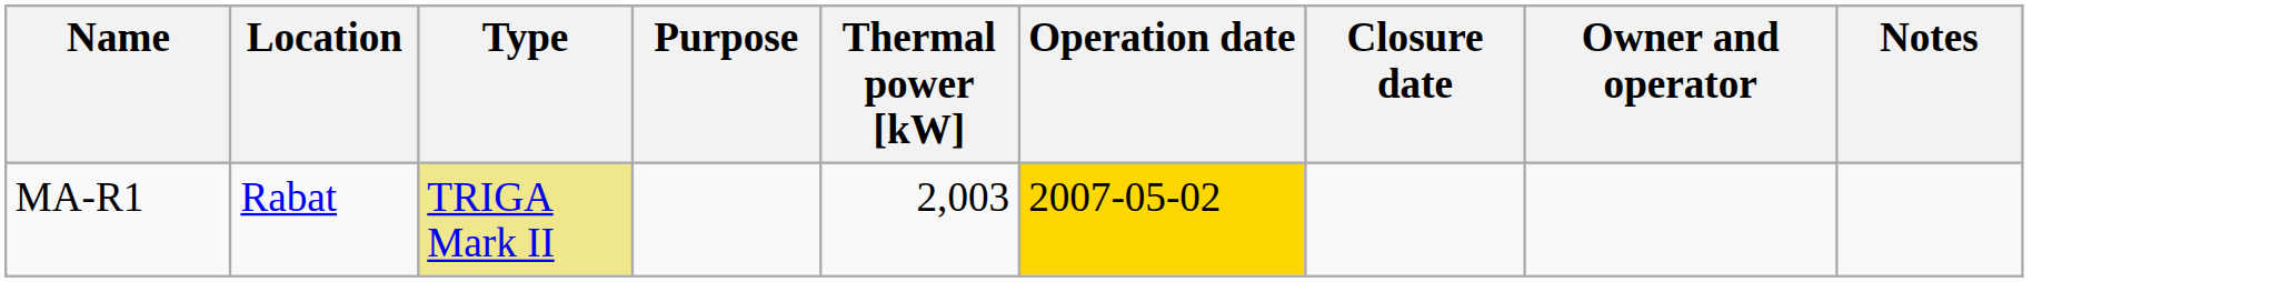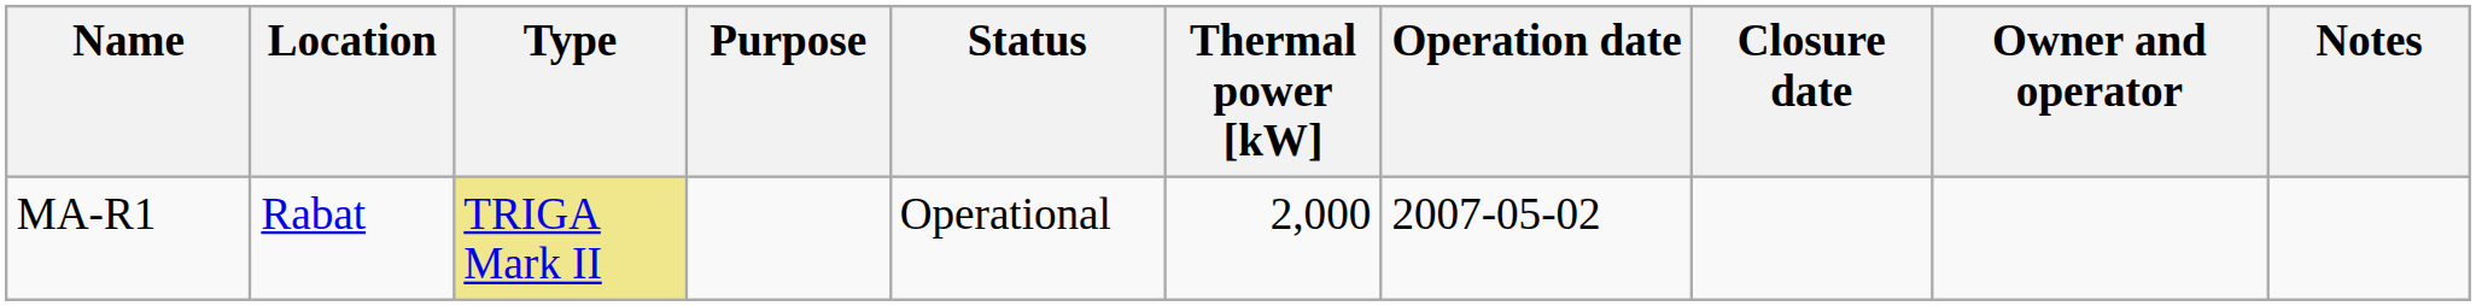 <table class="wikitable" >
 <tr valign="top">
 <th width="80">Name</th>
 <th width="65">Location</th>
 <th width="76">Type</th>
 <th width="65">Purpose</th>
+<th width="91">Status</th>
 <th width="70“">Thermal power [kW]</th>
 <th width=„67“>Operation date</th>
 <th width="78“">Closure date</th>
 <th width="113“">Owner and operator</th>
 <th width="65">Notes</th>
 </tr>
 <tr valign="top">
 <td>MA-R1</td>
 <td><a href='#'>Rabat</a></td>
 <td style="background: khaki;"><a href='#'>TRIGA Mark II</a></td>
 <td></td>
-<td align="right">2,003</td>
-<td style="background: gold;">2007-05-02</td>
+<td>Operational</td>
+<td align="right">2,000</td>
+<td>2007-05-02</td>
 <td></td>
 <td></td>
 <td></td>
 </tr>
 </table>
